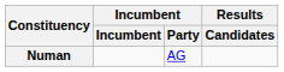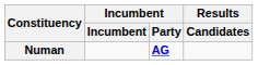 <table class="wikitable sortable">
 <tr>
 <th rowspan="2">Constituency</th>
 <th colspan="2">Incumbent</th>
 <th>Results</th>
 </tr>
 <tr valign="bottom">
 <th>Incumbent</th>
 <th>Party</th>
 <th>Candidates</th>
 </tr>
 <tr>
 <th>Numan</th>
 <td></td>
-<td><a href='#'>AG</a></td>
+<td><strong><a href='#'>AG</a></strong></td>
 <td nowrap=""></td>
 </tr>
 </table>
